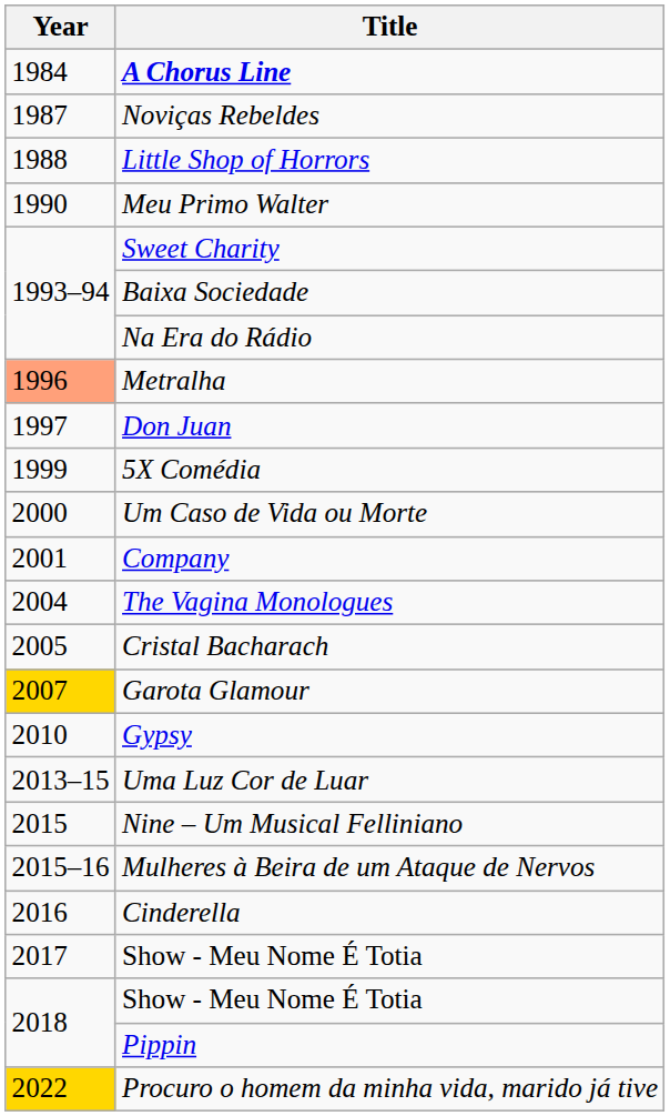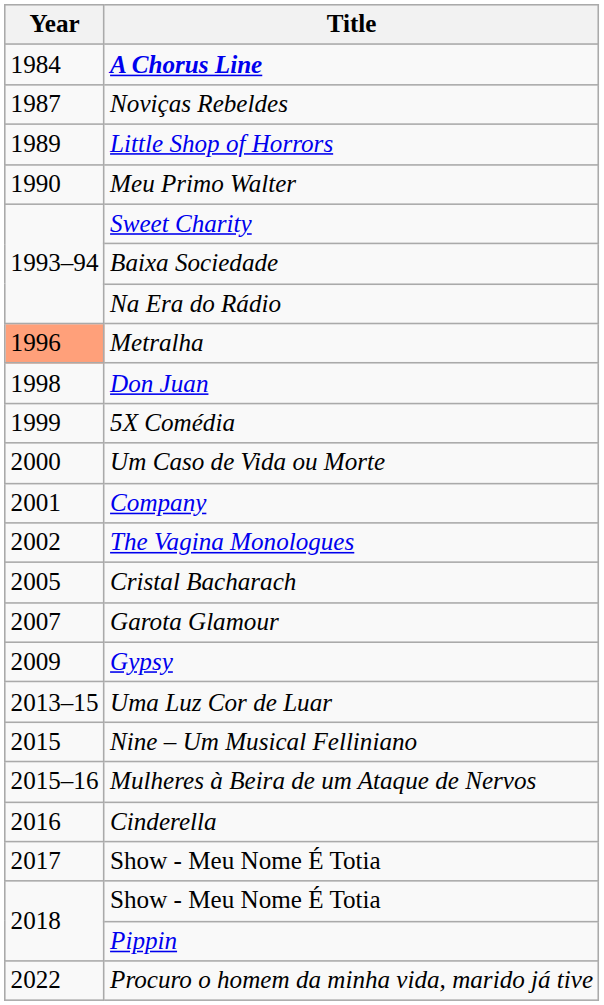 <table class="wikitable">
 <tr>
 <th>Year</th>
 <th>Title</th>
 </tr>
 <tr>
 <td>1984</td>
 <td><strong><em><a href='#'>A Chorus Line</a></em></strong></td>
 </tr>
 <tr>
 <td>1987</td>
 <td><em>Noviças Rebeldes</em></td>
 </tr>
 <tr>
-<td>1988</td>
+<td>1989</td>
 <td><em><a href='#'>Little Shop of Horrors</a></em></td>
 </tr>
 <tr>
 <td>1990</td>
 <td><em>Meu Primo Walter</em></td>
 </tr>
 <tr>
 <td rowspan="3">1993–94</td>
 <td><em><a href='#'>Sweet Charity</a></em></td>
 </tr>
 <tr>
 <td><em>Baixa Sociedade</em></td>
 </tr>
 <tr>
 <td><em>Na Era do Rádio</em></td>
 </tr>
 <tr>
 <td style="background: lightsalmon;">1996</td>
 <td><em>Metralha</em></td>
 </tr>
 <tr>
-<td>1997</td>
+<td>1998</td>
 <td><em><a href='#'>Don Juan</a></em></td>
 </tr>
 <tr>
 <td>1999</td>
 <td><em>5X Comédia</em></td>
 </tr>
 <tr>
 <td>2000</td>
 <td><em>Um Caso de Vida ou Morte</em></td>
 </tr>
 <tr>
 <td>2001</td>
 <td><em><a href='#'>Company</a></em></td>
 </tr>
 <tr>
-<td>2004</td>
+<td>2002</td>
 <td><em><a href='#'>The Vagina Monologues</a></em></td>
 </tr>
 <tr>
 <td>2005</td>
 <td><em>Cristal Bacharach</em></td>
 </tr>
 <tr>
-<td style="background: gold;">2007</td>
+<td>2007</td>
 <td><em>Garota Glamour</em></td>
 </tr>
 <tr>
-<td>2010</td>
+<td>2009</td>
 <td><em><a href='#'>Gypsy</a></em></td>
 </tr>
 <tr>
 <td>2013–15</td>
 <td><em>Uma Luz Cor de Luar</em></td>
 </tr>
 <tr>
 <td>2015</td>
 <td><em>Nine – Um Musical Felliniano</em></td>
 </tr>
 <tr>
 <td>2015–16</td>
 <td><em>Mulheres à Beira de um Ataque de Nervos</em></td>
 </tr>
 <tr>
 <td>2016</td>
 <td><em>Cinderella</em></td>
 </tr>
 <tr>
 <td>2017</td>
 <td>Show - Meu Nome É Totia</td>
 </tr>
 <tr>
 <td rowspan="2">2018</td>
 <td>Show - Meu Nome É Totia</td>
 </tr>
 <tr>
 <td><em><a href='#'>Pippin</a></em></td>
 </tr>
 <tr>
-<td style="background: gold;">2022</td>
+<td>2022</td>
 <td><em>Procuro o homem da minha vida, marido já tive</em></td>
 </tr>
 </table>
